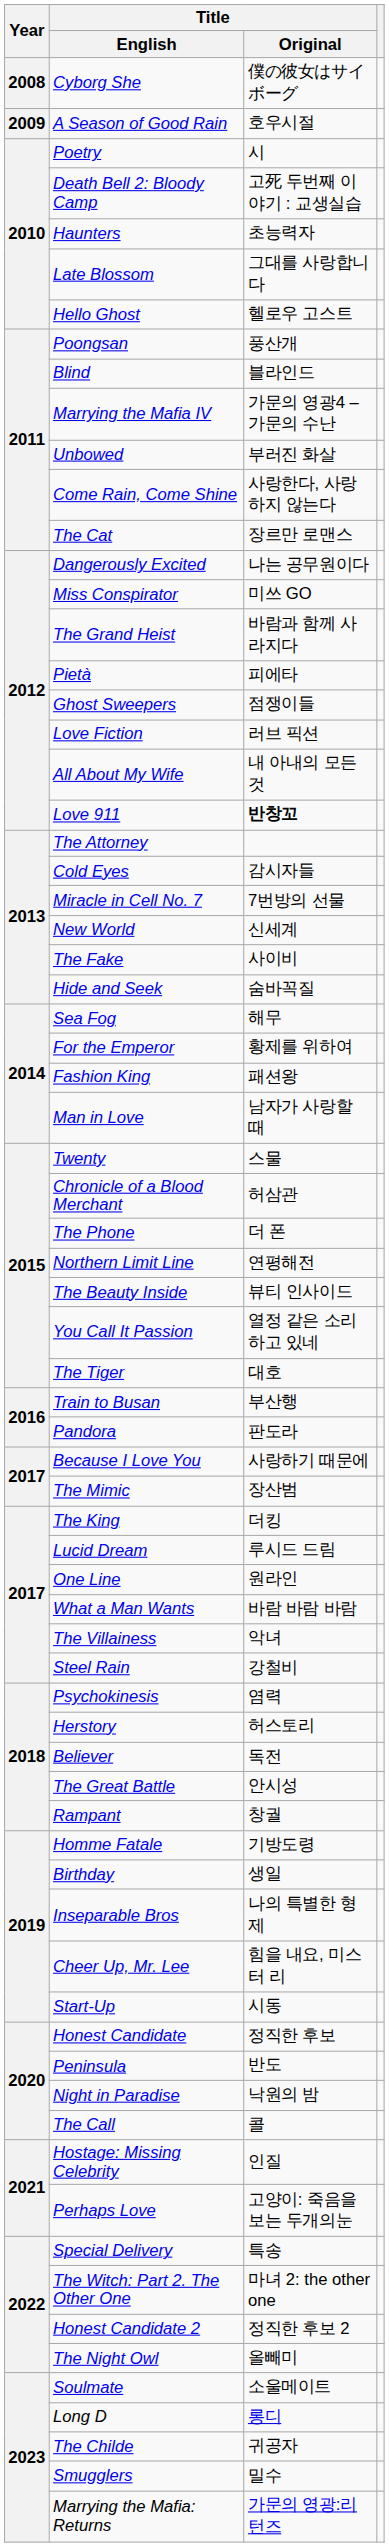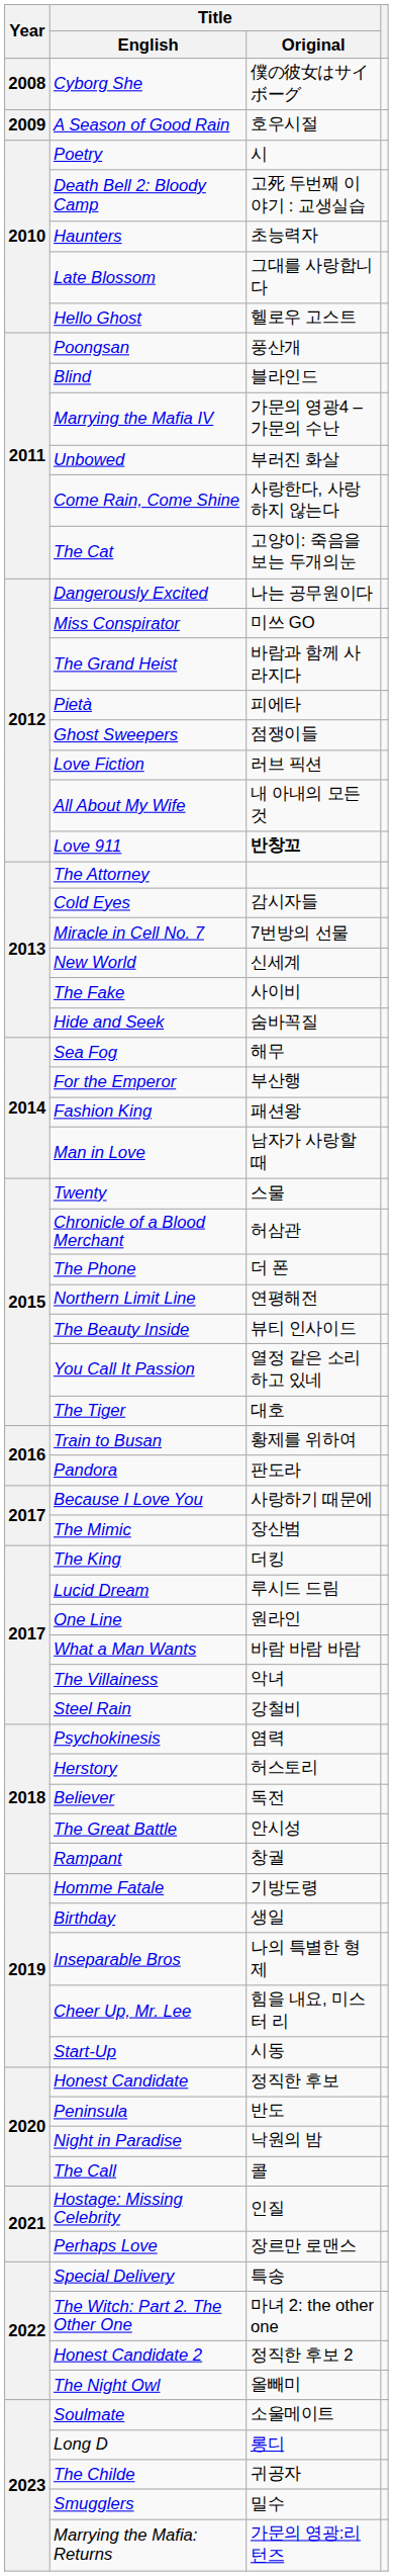 <table class="wikitable plainrowheaders sortable">
 <tr>
 <th scope="col" rowspan="2" style="width:33px;">Year</th>
 <th colspan="2" scope="col">Title</th>
 <th rowspan="2" scope="col" class="unsortable"></th>
 </tr>
 <tr>
 <th width="180">English</th>
 <th width="120">Original</th>
 </tr>
 <tr>
 <th scope="row">2008</th>
 <td><em><a href='#'>Cyborg She</a></em></td>
 <td>僕の彼女はサイボーグ</td>
 <td></td>
 </tr>
 <tr>
 <th scope="row">2009</th>
 <td><em><a href='#'>A Season of Good Rain</a></em></td>
 <td>호우시절</td>
 <td></td>
 </tr>
 <tr>
 <th scope="row" rowspan="5">2010</th>
 <td><em><a href='#'>Poetry</a></em></td>
 <td>시</td>
 <td></td>
 </tr>
 <tr>
 <td><em><a href='#'>Death Bell 2: Bloody Camp</a></em></td>
 <td>고死 두번째 이야기 : 교생실습</td>
 <td></td>
 </tr>
 <tr>
 <td><em><a href='#'>Haunters</a></em></td>
 <td>초능력자</td>
 <td></td>
 </tr>
 <tr>
 <td><em><a href='#'>Late Blossom</a></em></td>
 <td>그대를 사랑합니다</td>
 <td></td>
 </tr>
 <tr>
 <td><em><a href='#'>Hello Ghost</a></em></td>
 <td>헬로우 고스트</td>
 <td></td>
 </tr>
 <tr>
 <th scope="row" rowspan="6">2011</th>
 <td><em><a href='#'>Poongsan</a></em></td>
 <td>풍산개</td>
 <td></td>
 </tr>
 <tr>
 <td><em><a href='#'>Blind</a></em></td>
 <td>블라인드</td>
 <td></td>
 </tr>
 <tr>
 <td><em><a href='#'>Marrying the Mafia IV</a></em></td>
 <td>가문의 영광4 – 가문의 수난</td>
 <td></td>
 </tr>
 <tr>
 <td><em><a href='#'>Unbowed</a></em></td>
 <td>부러진 화살</td>
 <td></td>
 </tr>
 <tr>
 <td><em><a href='#'>Come Rain, Come Shine</a></em></td>
 <td>사랑한다, 사랑하지 않는다</td>
 <td></td>
 </tr>
 <tr>
 <td><em><a href='#'>The Cat</a></em></td>
-<td>장르만 로맨스</td>
+<td>고양이: 죽음을보는 두개의눈</td>
 <td></td>
 </tr>
 <tr>
 <th rowspan="8" scope="row">2012</th>
 <td><em><a href='#'>Dangerously Excited</a></em></td>
 <td>나는 공무원이다</td>
 <td></td>
 </tr>
 <tr>
 <td><em><a href='#'>Miss Conspirator</a></em></td>
 <td>미쓰 GO</td>
 <td></td>
 </tr>
 <tr>
 <td><em><a href='#'>The Grand Heist</a></em></td>
 <td>바람과 함께 사라지다</td>
 <td></td>
 </tr>
 <tr>
 <td><em><a href='#'>Pietà</a></em></td>
 <td>피에타</td>
 <td></td>
 </tr>
 <tr>
 <td><em><a href='#'>Ghost Sweepers</a></em></td>
 <td>점쟁이들</td>
 <td></td>
 </tr>
 <tr>
 <td><em><a href='#'>Love Fiction</a></em></td>
 <td>러브 픽션</td>
 <td></td>
 </tr>
 <tr>
 <td><em><a href='#'>All About My Wife</a></em></td>
 <td>내 아내의 모든 것</td>
 <td></td>
 </tr>
 <tr>
 <td><em><a href='#'>Love 911</a></em></td>
 <td><strong>반창꼬</strong></td>
 <td></td>
 </tr>
 <tr>
 <th rowspan="6" scope="row">2013</th>
 <td><em><a href='#'>The Attorney</a></em></td>
 <td></td>
 <td></td>
 </tr>
 <tr>
 <td><em><a href='#'>Cold Eyes</a></em></td>
 <td>감시자들</td>
 <td></td>
 </tr>
 <tr>
 <td><em><a href='#'>Miracle in Cell No. 7</a></em></td>
 <td>7번방의 선물</td>
 <td></td>
 </tr>
 <tr>
 <td><em><a href='#'>New World</a></em></td>
 <td>신세계</td>
 <td></td>
 </tr>
 <tr>
 <td><em><a href='#'>The Fake</a></em></td>
 <td>사이비</td>
 <td></td>
 </tr>
 <tr>
 <td><em><a href='#'>Hide and Seek</a></em></td>
 <td>숨바꼭질</td>
 <td></td>
 </tr>
 <tr>
 <th rowspan="4" scope="row">2014</th>
 <td><em><a href='#'>Sea Fog</a></em></td>
 <td>해무</td>
 <td></td>
 </tr>
 <tr>
 <td><em><a href='#'>For the Emperor</a></em></td>
-<td>황제를 위하여</td>
+<td>부산행</td>
 <td></td>
 </tr>
 <tr>
 <td><em><a href='#'>Fashion King</a></em></td>
 <td>패션왕</td>
 <td></td>
 </tr>
 <tr>
 <td><em><a href='#'>Man in Love</a></em></td>
 <td>남자가 사랑할 때</td>
 <td></td>
 </tr>
 <tr>
 <th rowspan="7" scope="row">2015</th>
 <td><em><a href='#'>Twenty</a></em></td>
 <td>스물</td>
 <td></td>
 </tr>
 <tr>
 <td><em><a href='#'>Chronicle of a Blood Merchant</a></em></td>
 <td>허삼관</td>
 <td></td>
 </tr>
 <tr>
 <td><em><a href='#'>The Phone</a></em></td>
 <td>더 폰</td>
 <td></td>
 </tr>
 <tr>
 <td><em><a href='#'>Northern Limit Line</a></em></td>
 <td>연평해전</td>
 <td></td>
 </tr>
 <tr>
 <td><em><a href='#'>The Beauty Inside</a></em></td>
 <td>뷰티 인사이드</td>
 <td></td>
 </tr>
 <tr>
 <td><em><a href='#'>You Call It Passion</a></em></td>
 <td>열정 같은 소리 하고 있네</td>
 <td></td>
 </tr>
 <tr>
 <td><em><a href='#'>The Tiger</a></em></td>
 <td>대호</td>
 <td></td>
 </tr>
 <tr>
 <th rowspan="2" scope="row">2016</th>
 <td><em><a href='#'>Train to Busan</a></em></td>
-<td>부산행</td>
+<td>황제를 위하여</td>
 <td></td>
 </tr>
 <tr>
 <td><em><a href='#'>Pandora</a></em></td>
 <td>판도라</td>
 <td></td>
 </tr>
 <tr>
 <th rowspan="2" scope="row">2017</th>
 <td><em><a href='#'>Because I Love You</a></em></td>
 <td>사랑하기 때문에</td>
 <td></td>
 </tr>
 <tr>
 <td><em><a href='#'>The Mimic</a></em></td>
 <td>장산범</td>
 <td></td>
 </tr>
 <tr>
 <th rowspan="6" scope="row">2017</th>
 <td><em><a href='#'>The King</a></em></td>
 <td>더킹</td>
 <td></td>
 </tr>
 <tr>
 <td><em><a href='#'>Lucid Dream</a></em></td>
 <td>루시드 드림</td>
 <td></td>
 </tr>
 <tr>
 <td><em><a href='#'>One Line</a></em></td>
 <td>원라인</td>
 <td></td>
 </tr>
 <tr>
 <td><em><a href='#'>What a Man Wants</a></em></td>
 <td>바람 바람 바람</td>
 <td></td>
 </tr>
 <tr>
 <td><em><a href='#'>The Villainess</a></em></td>
 <td>악녀</td>
 <td></td>
 </tr>
 <tr>
 <td><em><a href='#'>Steel Rain</a></em></td>
 <td>강철비</td>
 <td></td>
 </tr>
 <tr>
 <th rowspan="5" scope="row">2018</th>
 <td><em><a href='#'>Psychokinesis</a></em></td>
 <td>염력</td>
 <td></td>
 </tr>
 <tr>
 <td><em><a href='#'>Herstory</a></em></td>
 <td>허스토리</td>
 <td></td>
 </tr>
 <tr>
 <td><em><a href='#'>Believer</a></em></td>
 <td>독전</td>
 <td></td>
 </tr>
 <tr>
 <td><em><a href='#'>The Great Battle</a></em></td>
 <td>안시성</td>
 <td></td>
 </tr>
 <tr>
 <td><em><a href='#'>Rampant</a></em></td>
 <td>창궐</td>
 <td></td>
 </tr>
 <tr>
 <th rowspan="5" scope="row">2019</th>
 <td><em><a href='#'>Homme Fatale</a></em></td>
 <td>기방도령</td>
 <td></td>
 </tr>
 <tr>
 <td><em><a href='#'>Birthday</a></em></td>
 <td>생일</td>
 <td></td>
 </tr>
 <tr>
 <td><em><a href='#'>Inseparable Bros</a></em></td>
 <td>나의 특별한 형제</td>
 <td></td>
 </tr>
 <tr>
 <td><em><a href='#'>Cheer Up, Mr. Lee</a></em></td>
 <td>힘을 내요, 미스터 리</td>
 <td></td>
 </tr>
 <tr>
 <td><em><a href='#'>Start-Up</a></em></td>
 <td>시동</td>
 <td></td>
 </tr>
 <tr>
 <th rowspan="4" scope="row">2020</th>
 <td><em><a href='#'>Honest Candidate</a> </em></td>
 <td>정직한 후보</td>
 <td></td>
 </tr>
 <tr>
 <td><em><a href='#'>Peninsula</a></em></td>
 <td>반도</td>
 <td></td>
 </tr>
 <tr>
 <td><em><a href='#'>Night in Paradise</a></em></td>
 <td>낙원의 밤</td>
 <td></td>
 </tr>
 <tr>
 <td><em><a href='#'>The Call</a></em></td>
 <td>콜</td>
 <td></td>
 </tr>
 <tr>
 <th rowspan="2" scope="row">2021</th>
 <td><em><a href='#'>Hostage: Missing Celebrity</a></em></td>
 <td>인질</td>
 <td></td>
 </tr>
 <tr>
 <td><em><a href='#'>Perhaps Love</a></em></td>
-<td>고양이: 죽음을보는 두개의눈</td>
+<td>장르만 로맨스</td>
 <td></td>
 </tr>
 <tr>
 <th rowspan="4" scope="row">2022</th>
 <td><em><a href='#'>Special Delivery</a></em></td>
 <td>특송</td>
 <td></td>
 </tr>
 <tr>
 <td><em><a href='#'>The Witch: Part 2. The Other One</a></em></td>
 <td>마녀 2: the other one</td>
 <td></td>
 </tr>
 <tr>
 <td><em><a href='#'>Honest Candidate 2</a></em></td>
 <td>정직한 후보 2</td>
 <td></td>
 </tr>
 <tr>
 <td><em><a href='#'>The Night Owl</a></em></td>
 <td>올빼미</td>
 <td></td>
 </tr>
 <tr>
 <th rowspan="5" scope="row">2023</th>
 <td><em><a href='#'>Soulmate</a></em></td>
 <td>소울메이트</td>
 <td></td>
 </tr>
 <tr>
 <td><em>Long D</em></td>
 <td><a href='#'>롱디</a></td>
 <td></td>
 </tr>
 <tr>
 <td><em><a href='#'>The Childe</a></em></td>
 <td>귀공자</td>
 <td></td>
 </tr>
 <tr>
 <td><em><a href='#'>Smugglers</a></em></td>
 <td>밀수</td>
 <td></td>
 </tr>
 <tr>
 <td><em>Marrying the Mafia: Returns</em></td>
 <td><a href='#'>가문의 영광:리턴즈</a></td>
 <td></td>
 </tr>
 </table>
